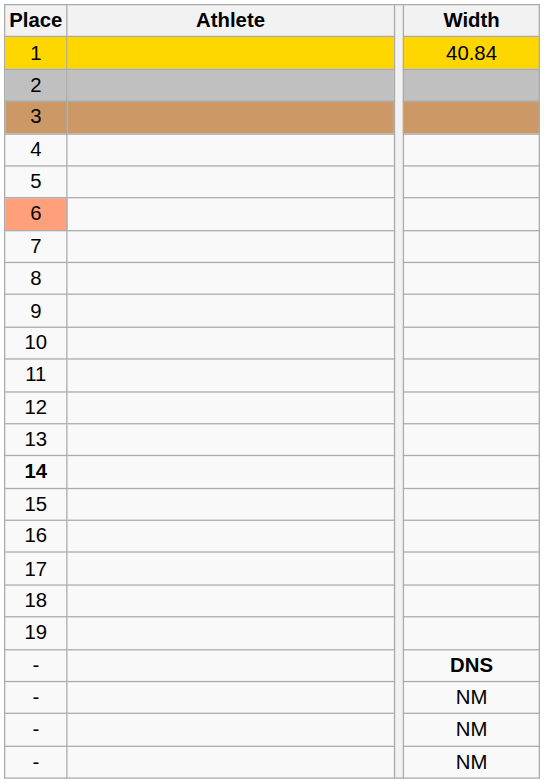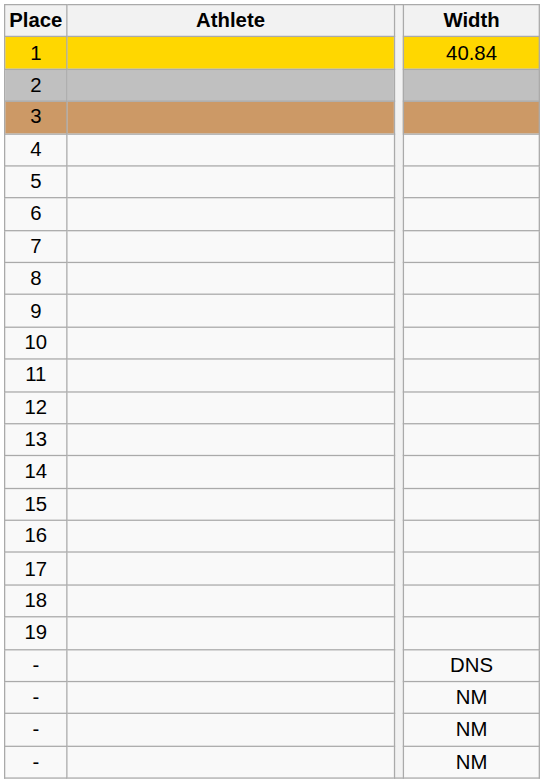 <table class="wikitable" style="text-align:center">
 <tr>
 <th>Place</th>
 <th width=250>Athlete</th>
 <th rowspan=27></th>
 <th width=100>Width</th>
 </tr>
 <tr bgcolor=gold>
 <td>1</td>
 <td align=left></td>
 <td>40.84</td>
 </tr>
 <tr bgcolor=silver>
 <td>2</td>
 <td align=left></td>
 <td></td>
 </tr>
 <tr bgcolor=cc9966>
 <td>3</td>
 <td align=left></td>
 <td></td>
 </tr>
 <tr>
 <td>4</td>
 <td align=left></td>
 <td></td>
 </tr>
 <tr>
 <td>5</td>
 <td align=left></td>
 <td></td>
 </tr>
 <tr>
-<td style="background: lightsalmon;">6</td>
+<td>6</td>
 <td align=left></td>
 <td></td>
 </tr>
 <tr>
 <td>7</td>
 <td align=left></td>
 <td></td>
 </tr>
 <tr>
 <td>8</td>
 <td align=left></td>
 <td></td>
 </tr>
 <tr>
 <td>9</td>
 <td align=left></td>
 <td></td>
 </tr>
 <tr>
 <td>10</td>
 <td align=left></td>
 <td></td>
 </tr>
 <tr>
 <td>11</td>
 <td align=left></td>
 <td></td>
 </tr>
 <tr>
 <td>12</td>
 <td align=left></td>
 <td></td>
 </tr>
 <tr>
 <td>13</td>
 <td align=left></td>
 <td></td>
 </tr>
 <tr>
-<td><strong>14</strong></td>
+<td>14</td>
 <td align=left></td>
 <td></td>
 </tr>
 <tr>
 <td>15</td>
 <td align=left></td>
 <td></td>
 </tr>
 <tr>
 <td>16</td>
 <td align=left></td>
 <td></td>
 </tr>
 <tr>
 <td>17</td>
 <td align=left></td>
 <td></td>
 </tr>
 <tr>
 <td>18</td>
 <td align=left></td>
 <td></td>
 </tr>
 <tr>
 <td>19</td>
 <td align=left></td>
 <td></td>
 </tr>
 <tr>
 <td>-</td>
 <td align=left></td>
-<td><strong>DNS</strong></td>
+<td>DNS</td>
 </tr>
 <tr>
 <td>-</td>
 <td align=left></td>
 <td>NM</td>
 </tr>
 <tr>
 <td>-</td>
 <td align=left></td>
 <td>NM</td>
 </tr>
 <tr>
 <td>-</td>
 <td align=left></td>
 <td>NM</td>
 </tr>
 </table>
